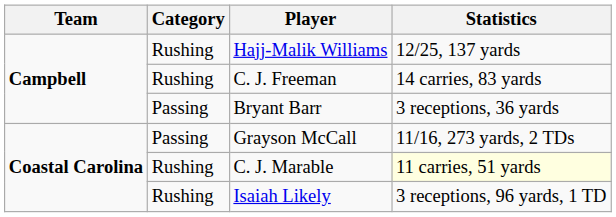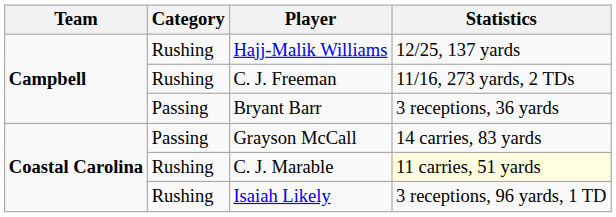 <table class="wikitable" style="float: left;">
 <tr>
 <th>Team</th>
 <th>Category</th>
 <th>Player</th>
 <th>Statistics</th>
 </tr>
 <tr>
 <td rowspan=3><strong>Campbell</strong></td>
 <td>Rushing</td>
 <td><a href='#'>Hajj-Malik Williams</a></td>
 <td>12/25, 137 yards</td>
 </tr>
 <tr>
 <td>Rushing</td>
 <td>C. J. Freeman</td>
-<td>14 carries, 83 yards</td>
+<td>11/16, 273 yards, 2 TDs</td>
 </tr>
 <tr>
 <td>Passing</td>
 <td>Bryant Barr</td>
 <td>3 receptions, 36 yards</td>
 </tr>
 <tr>
 <td rowspan=3><strong>Coastal Carolina</strong></td>
 <td>Passing</td>
 <td>Grayson McCall</td>
-<td>11/16, 273 yards, 2 TDs</td>
+<td>14 carries, 83 yards</td>
 </tr>
 <tr>
 <td>Rushing</td>
 <td>C. J. Marable</td>
 <td style="background: lightyellow;">11 carries, 51 yards</td>
 </tr>
 <tr>
 <td>Rushing</td>
 <td><a href='#'>Isaiah Likely</a></td>
 <td>3 receptions, 96 yards, 1 TD</td>
 </tr>
 </table>
